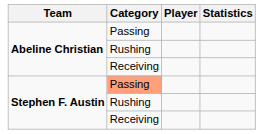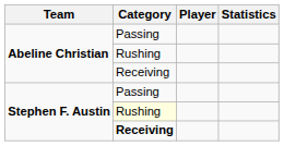 <table class="wikitable" style="float: right;">
 <tr>
 <th>Team</th>
 <th>Category</th>
 <th>Player</th>
 <th>Statistics</th>
 </tr>
 <tr>
 <td rowspan=3><strong>Abeline Christian</strong></td>
 <td>Passing</td>
 <td></td>
 <td></td>
 </tr>
 <tr>
 <td>Rushing</td>
 <td></td>
 <td></td>
 </tr>
 <tr>
 <td>Receiving</td>
 <td></td>
 <td></td>
 </tr>
 <tr>
 <td rowspan=3><strong>Stephen F. Austin</strong></td>
-<td style="background: lightsalmon;">Passing</td>
+<td>Passing</td>
 <td></td>
 <td></td>
 </tr>
 <tr>
-<td>Rushing</td>
+<td style="background: lightyellow;">Rushing</td>
 <td></td>
 <td></td>
 </tr>
 <tr>
-<td>Receiving</td>
+<td><strong>Receiving</strong></td>
 <td></td>
 <td></td>
 </tr>
 </table>
